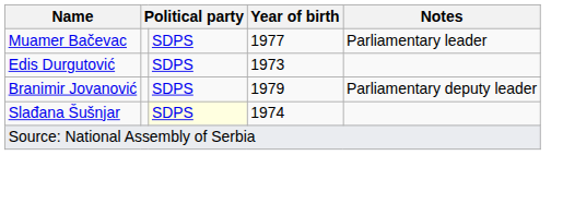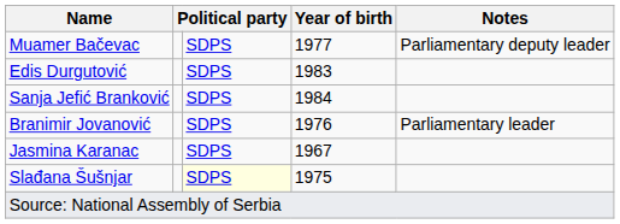 <table class="wikitable sortable" style="text-align:left">
 <tr>
 <th>Name</th>
 <th colspan="2">Political party</th>
 <th>Year of birth</th>
 <th>Notes</th>
 </tr>
 <tr>
 <td><a href='#'>Muamer Bačevac</a></td>
 <td width="1" style="color:inherit;background: "></td>
 <td><a href='#'>SDPS</a></td>
 <td>1977</td>
-<td>Parliamentary leader</td>
+<td>Parliamentary deputy leader</td>
 </tr>
 <tr>
 <td><a href='#'>Edis Durgutović</a></td>
 <td width="1" style="color:inherit;background: "></td>
 <td><a href='#'>SDPS</a></td>
-<td>1973</td>
+<td>1983</td>
+<td></td>
+</tr>
+<tr>
+<td><a href='#'>Sanja Jefić Branković</a></td>
+<td width="1" style="color:inherit;background: "></td>
+<td><a href='#'>SDPS</a></td>
+<td>1984</td>
 <td></td>
 </tr>
 <tr>
 <td><a href='#'>Branimir Jovanović</a></td>
 <td width="1" style="color:inherit;background: "></td>
 <td><a href='#'>SDPS</a></td>
-<td>1979</td>
-<td>Parliamentary deputy leader</td>
+<td>1976</td>
+<td>Parliamentary leader</td>
+</tr>
+<tr>
+<td><a href='#'>Jasmina Karanac</a></td>
+<td width="1" style="color:inherit;background: "></td>
+<td><a href='#'>SDPS</a></td>
+<td>1967</td>
+<td></td>
 </tr>
 <tr>
 <td><a href='#'>Slađana Šušnjar</a></td>
 <td width="1" style="color:inherit;background: "></td>
 <td style="background: lightyellow;"><a href='#'>SDPS</a></td>
-<td>1974</td>
+<td>1975</td>
 <td></td>
 </tr>
 <tr>
 <td style="background-color:#EAECF0" colspan="5">Source: National Assembly of Serbia</td>
 </tr>
 </table>
